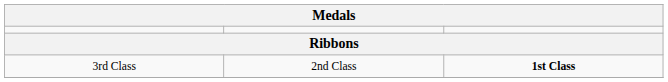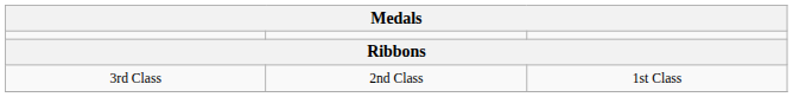 <table align=center class=wikitable width=60%>
 <tr>
 <th colspan=3>Medals</th>
 </tr>
 <tr>
 <td width=20% valign=top align=center></td>
 <td width=20% valign=top align=center></td>
 <td width=20% valign=top align=center></td>
 </tr>
 <tr>
 <th colspan=3>Ribbons</th>
 </tr>
 <tr>
 <td width=20% valign=top align=center><small>3rd Class</small></td>
 <td width=20% valign=top align=center><small>2nd Class</small></td>
-<td width=20% valign=top align=center><strong><small>1st Class</small></strong></td>
+<td width=20% valign=top align=center><small>1st Class</small></td>
 </tr>
 <tr>
 </tr>
 </table>
